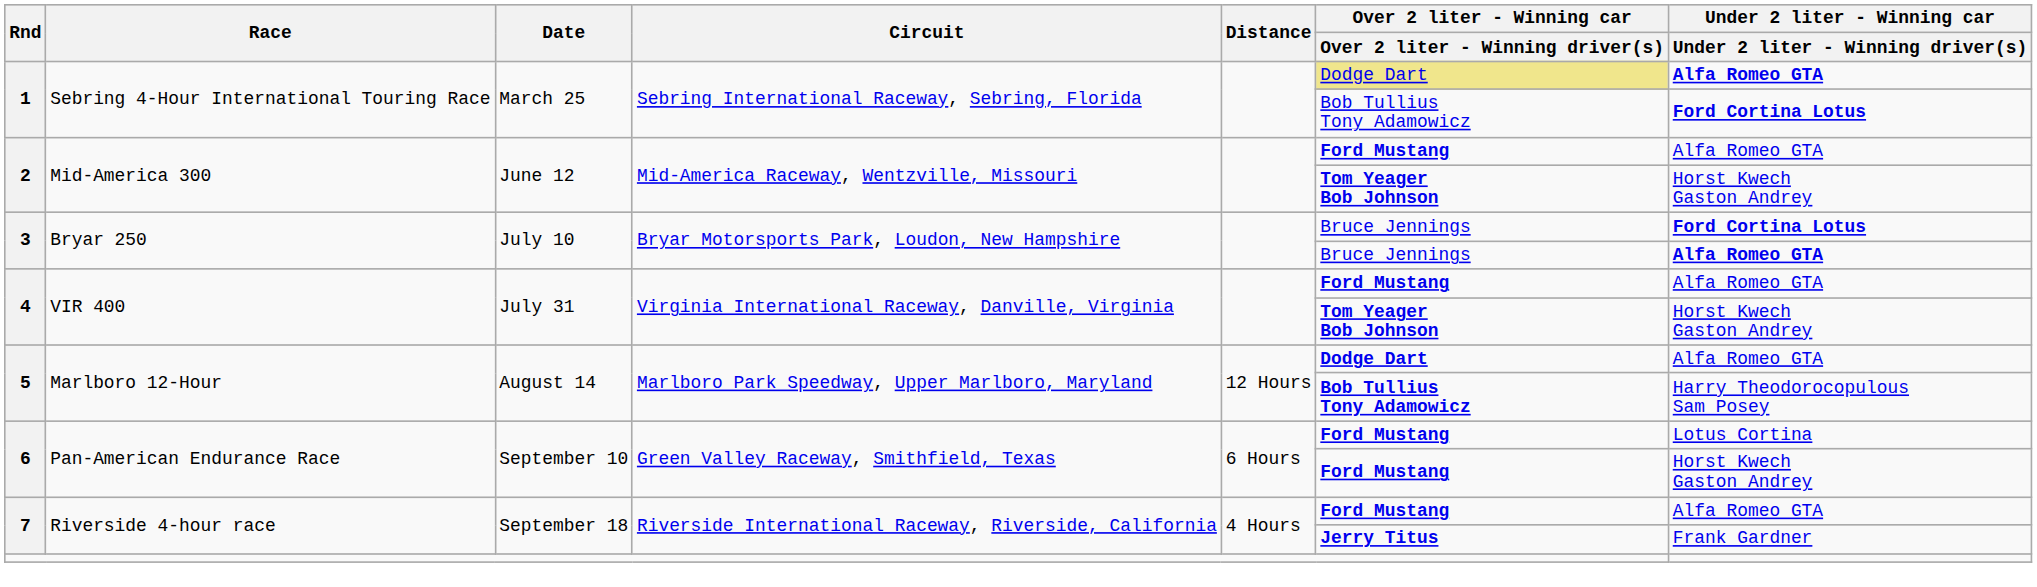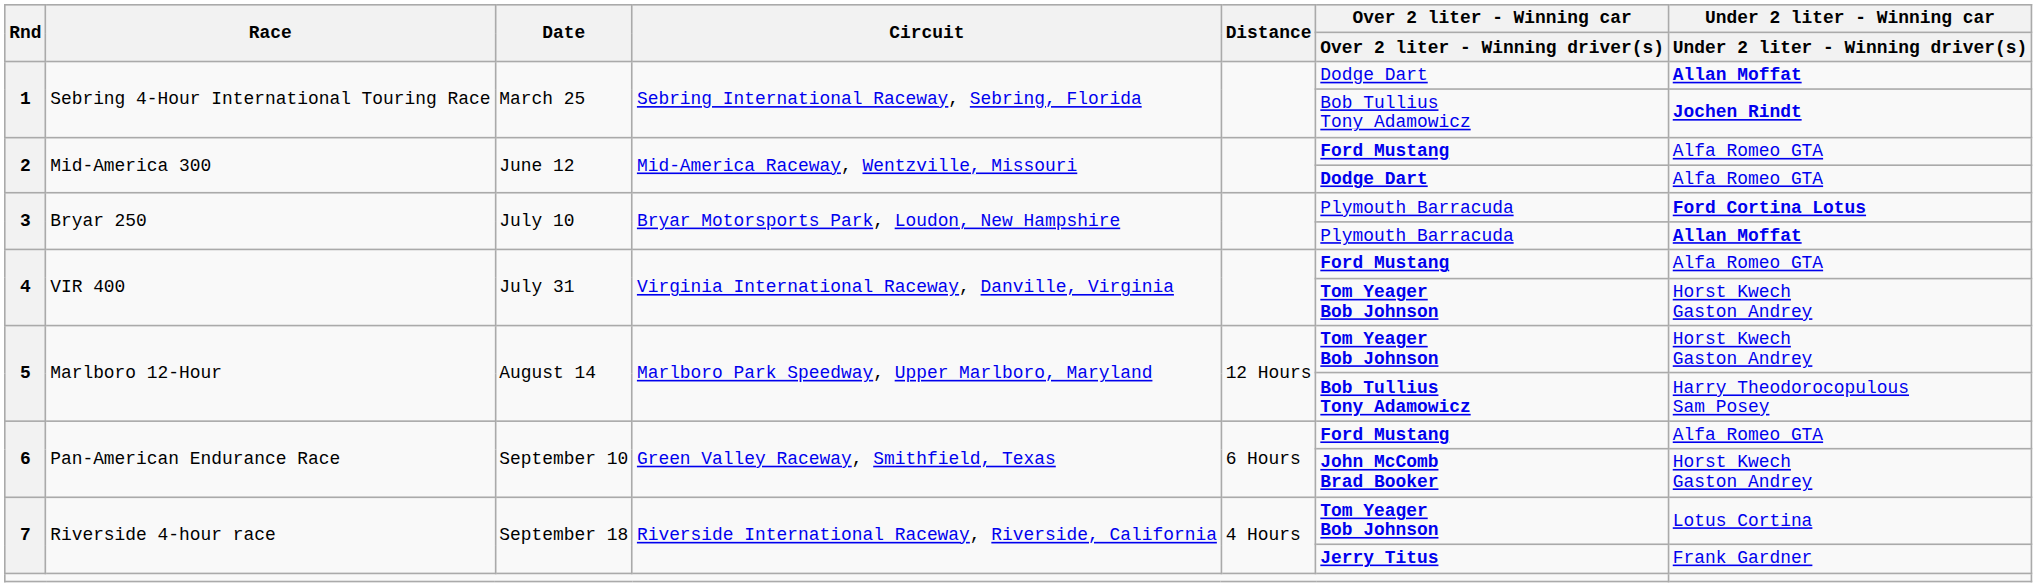 <table class="wikitable" style="font-size: 85%">
 <tr>
 <th rowspan=2>Rnd </th>
 <th rowspan=2>Race </th>
 <th rowspan=2>Date </th>
 <th rowspan=2>Circuit </th>
 <th rowspan=2>Distance </th>
 <th>Over 2 liter - Winning car </th>
 <th>Under 2 liter - Winning car </th>
 </tr>
 <tr>
 <th>Over 2 liter - Winning driver(s) </th>
 <th>Under 2 liter - Winning driver(s) </th>
 </tr>
 <tr>
 <th rowspan=2>1</th>
 <td rowspan=2>Sebring 4-Hour International Touring Race</td>
 <td rowspan=2>March 25</td>
 <td rowspan=2><a href='#'>Sebring International Raceway</a>, <a href='#'>Sebring, Florida</a></td>
 <td rowspan=2></td>
-<td style="background: khaki;"><a href='#'>Dodge Dart</a></td>
-<td><strong><a href='#'>Alfa Romeo GTA</a></strong></td>
+<td><a href='#'>Dodge Dart</a></td>
+<td><strong> <a href='#'>Allan Moffat</a></strong></td>
 </tr>
 <tr>
 <td> <a href='#'>Bob Tullius</a><br> <a href='#'>Tony Adamowicz</a></td>
-<td><strong><a href='#'>Ford Cortina Lotus</a></strong></td>
+<td><strong> <a href='#'>Jochen Rindt</a></strong></td>
 </tr>
 <tr>
 <th rowspan=2>2</th>
 <td rowspan=2>Mid-America 300</td>
 <td rowspan=2>June 12</td>
 <td rowspan=2><a href='#'>Mid-America Raceway</a>, <a href='#'>Wentzville, Missouri</a></td>
 <td rowspan=2></td>
 <td><strong><a href='#'>Ford Mustang</a></strong></td>
 <td><a href='#'>Alfa Romeo GTA</a></td>
 </tr>
 <tr>
-<td><strong> <a href='#'>Tom Yeager</a><br> <a href='#'>Bob Johnson</a></strong></td>
-<td> <a href='#'>Horst Kwech</a><br> <a href='#'>Gaston Andrey</a></td>
+<td><strong><a href='#'>Dodge Dart</a></strong></td>
+<td><a href='#'>Alfa Romeo GTA</a></td>
 </tr>
 <tr>
 <th rowspan=2>3</th>
 <td rowspan=2>Bryar 250</td>
 <td rowspan=2>July 10</td>
 <td rowspan=2><a href='#'>Bryar Motorsports Park</a>, <a href='#'>Loudon, New Hampshire</a></td>
 <td rowspan=2></td>
-<td> <a href='#'>Bruce Jennings</a></td>
+<td><a href='#'>Plymouth Barracuda</a></td>
 <td><strong><a href='#'>Ford Cortina Lotus</a></strong></td>
 </tr>
 <tr>
-<td> <a href='#'>Bruce Jennings</a></td>
-<td><strong><a href='#'>Alfa Romeo GTA</a></strong></td>
+<td><a href='#'>Plymouth Barracuda</a></td>
+<td><strong> <a href='#'>Allan Moffat</a></strong></td>
 </tr>
 <tr>
 <th rowspan=2>4</th>
 <td rowspan=2>VIR 400</td>
 <td rowspan=2>July 31</td>
 <td rowspan=2><a href='#'>Virginia International Raceway</a>, <a href='#'>Danville, Virginia</a></td>
 <td rowspan=2></td>
 <td><strong><a href='#'>Ford Mustang</a></strong></td>
 <td><a href='#'>Alfa Romeo GTA</a></td>
 </tr>
 <tr>
 <td><strong> <a href='#'>Tom Yeager</a><br> <a href='#'>Bob Johnson</a></strong></td>
 <td> <a href='#'>Horst Kwech</a><br> <a href='#'>Gaston Andrey</a></td>
 </tr>
 <tr>
 <th rowspan=2>5</th>
 <td rowspan=2>Marlboro 12-Hour</td>
 <td rowspan=2>August 14</td>
 <td rowspan=2><a href='#'>Marlboro Park Speedway</a>, <a href='#'>Upper Marlboro, Maryland</a></td>
 <td rowspan=2>12 Hours<br></td>
-<td><strong><a href='#'>Dodge Dart</a></strong></td>
-<td><a href='#'>Alfa Romeo GTA</a></td>
+<td><strong> <a href='#'>Tom Yeager</a><br> <a href='#'>Bob Johnson</a></strong></td>
+<td> <a href='#'>Horst Kwech</a><br> <a href='#'>Gaston Andrey</a></td>
 </tr>
 <tr>
 <td><strong> <a href='#'>Bob Tullius</a><br> <a href='#'>Tony Adamowicz</a></strong></td>
 <td> <a href='#'>Harry Theodorocopulous</a><br> <a href='#'>Sam Posey</a></td>
 </tr>
 <tr>
 <th rowspan=2>6</th>
 <td rowspan=2>Pan-American Endurance Race</td>
 <td rowspan=2>September 10</td>
 <td rowspan=2><a href='#'>Green Valley Raceway</a>, <a href='#'>Smithfield, Texas</a></td>
 <td rowspan=2>6 Hours<br></td>
 <td><strong><a href='#'>Ford Mustang</a></strong></td>
-<td><a href='#'>Lotus Cortina</a></td>
+<td><a href='#'>Alfa Romeo GTA</a></td>
 </tr>
 <tr>
-<td><strong><a href='#'>Ford Mustang</a></strong></td>
+<td><strong> <a href='#'>John McComb</a><br> <a href='#'>Brad Booker</a></strong></td>
 <td> <a href='#'>Horst Kwech</a><br> <a href='#'>Gaston Andrey</a></td>
 </tr>
 <tr>
 <th rowspan=2>7</th>
 <td rowspan=2>Riverside 4-hour race</td>
 <td rowspan=2>September 18</td>
 <td rowspan=2><a href='#'>Riverside International Raceway</a>, <a href='#'>Riverside, California</a></td>
 <td rowspan=2>4 Hours<br></td>
-<td><strong><a href='#'>Ford Mustang</a></strong></td>
-<td><a href='#'>Alfa Romeo GTA</a></td>
+<td><strong> <a href='#'>Tom Yeager</a><br> <a href='#'>Bob Johnson</a></strong></td>
+<td><a href='#'>Lotus Cortina</a></td>
 </tr>
 <tr>
 <td><strong> <a href='#'>Jerry Titus</a></strong></td>
 <td> <a href='#'>Frank Gardner</a></td>
 </tr>
 <tr>
 <td style="text-align:center;" colspan=6></td>
 </tr>
 </table>
